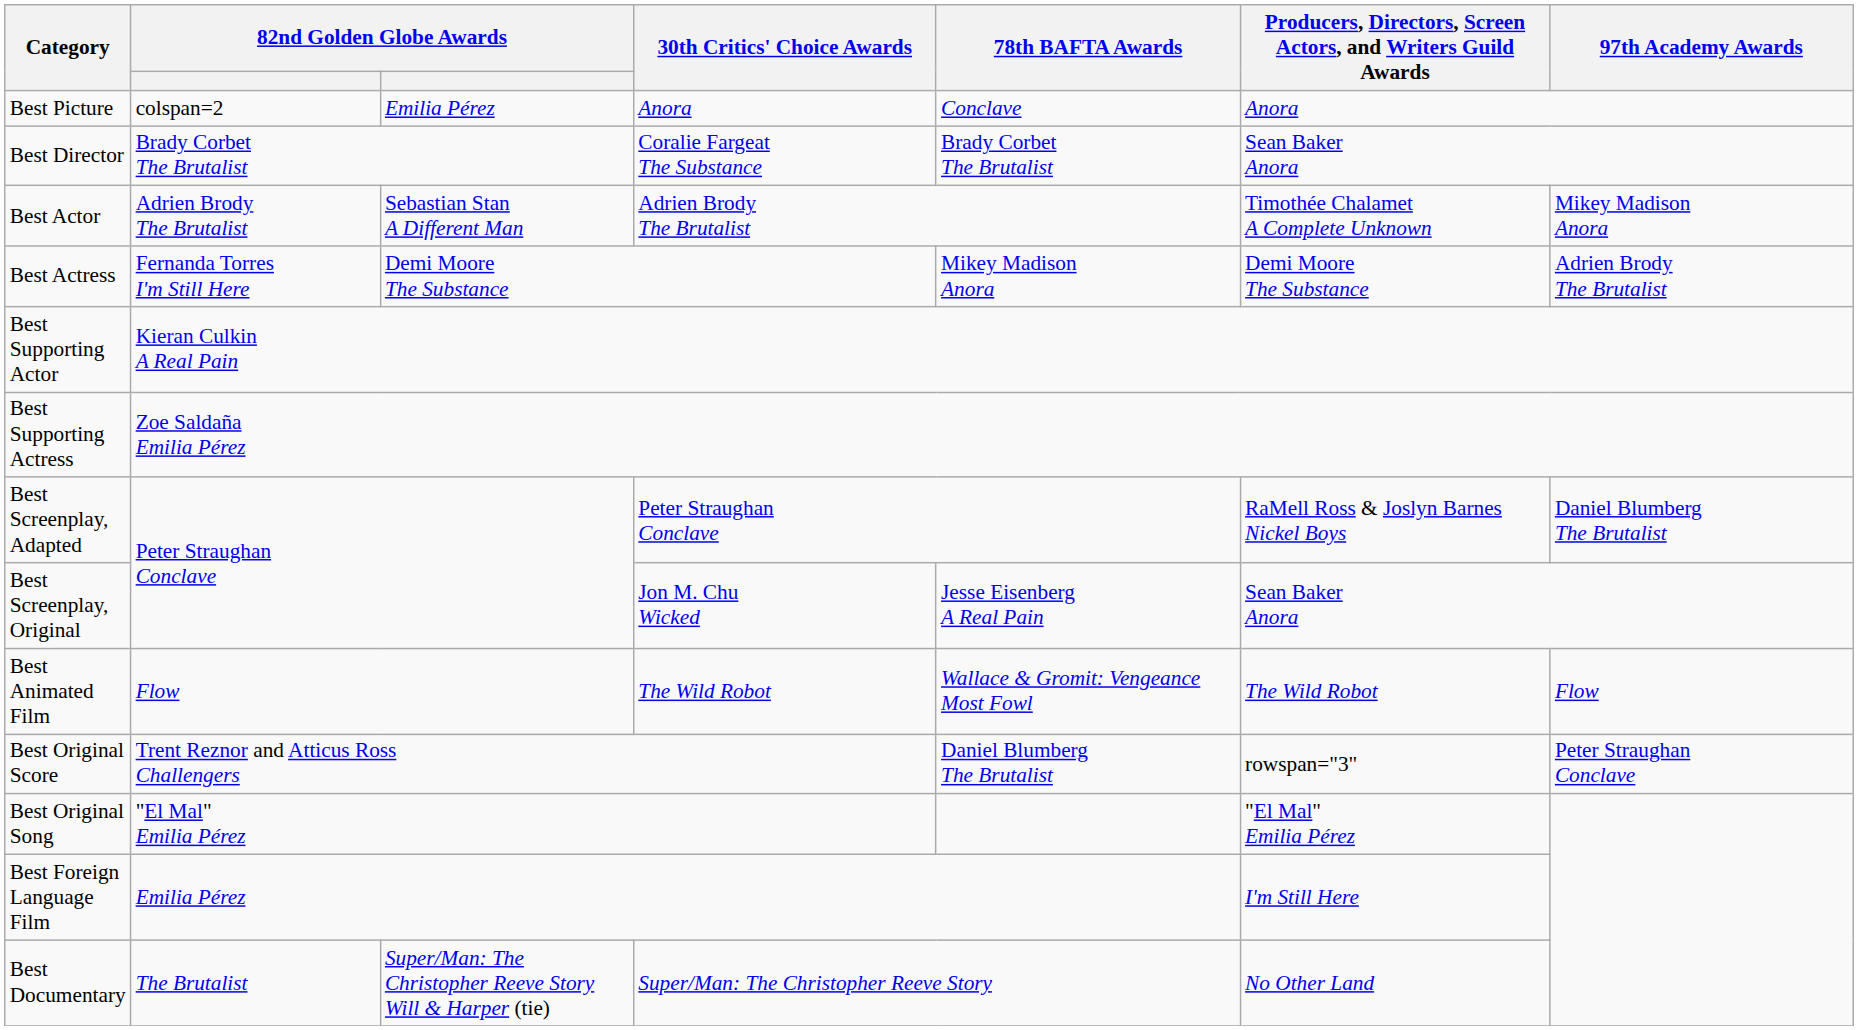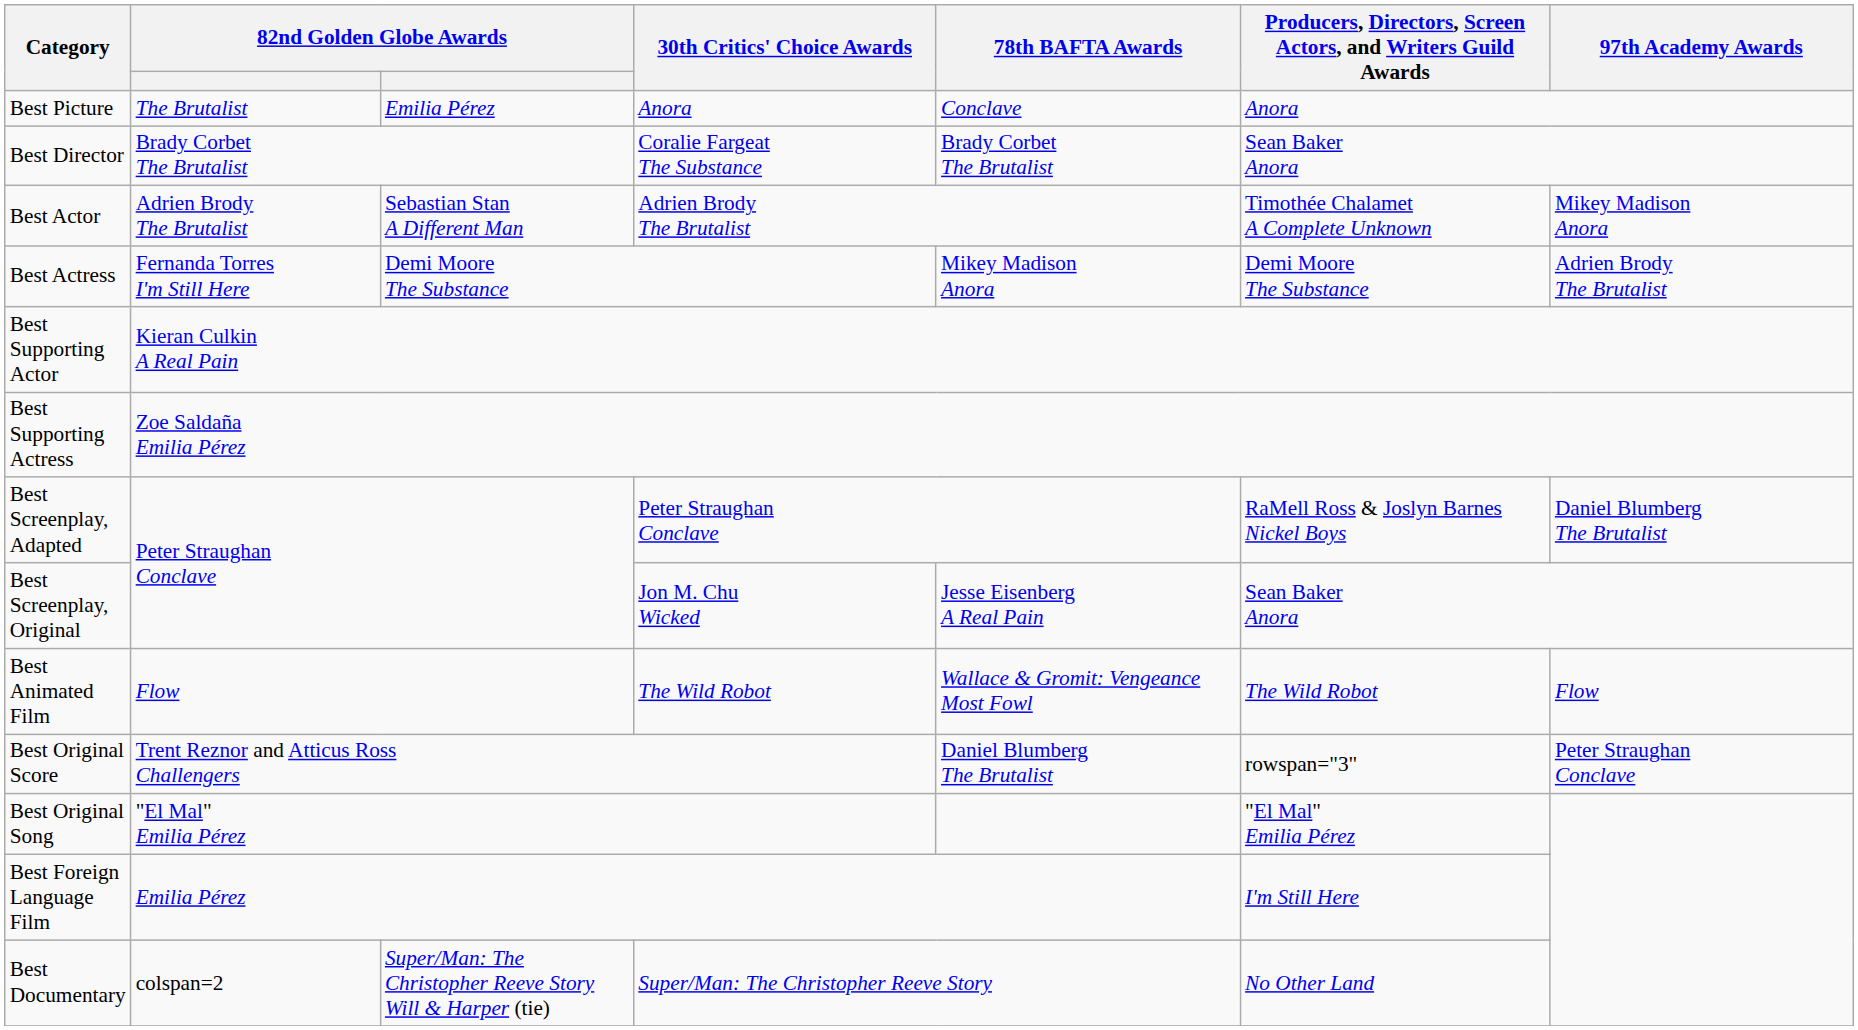 <table class="wikitable" style="font-size: 90%;">
 <tr>
 <th rowspan="2" style="width:20px;">Category</th>
 <th colspan="2" style="width:250px;"><a href='#'>82nd Golden Globe Awards</a><br></th>
 <th rowspan="2" style="width:250px;"><a href='#'>30th Critics' Choice Awards</a><br></th>
 <th rowspan="2" style="width:250px;"><a href='#'>78th BAFTA Awards</a><br></th>
 <th rowspan="2" style="width:250px;"><a href='#'>Producers</a>, <a href='#'>Directors</a>, <a href='#'>Screen Actors</a>, and <a href='#'>Writers Guild</a> Awards<br></th>
 <th rowspan="2" style="width:250px;"><a href='#'>97th Academy Awards</a><br></th>
 </tr>
 <tr>
 <th width=200></th>
 <th style="width:200px;"></th>
 </tr>
 <tr>
 <td>Best Picture</td>
-<td>colspan=2 </td>
+<td><em><a href='#'>The Brutalist</a></em></td>
 <td><em><a href='#'>Emilia Pérez</a></em></td>
 <td><em><a href='#'>Anora</a></em></td>
 <td><em><a href='#'>Conclave</a></em></td>
 <td colspan="2"><em><a href='#'>Anora</a></em></td>
 </tr>
 <tr>
 <td>Best Director</td>
 <td colspan="2"><a href='#'>Brady Corbet</a><br><em><a href='#'>The Brutalist</a></em></td>
 <td><a href='#'>Coralie Fargeat</a><br><em><a href='#'>The Substance</a></em></td>
 <td><a href='#'>Brady Corbet</a><br><em><a href='#'>The Brutalist</a></em></td>
 <td colspan="2"><a href='#'>Sean Baker</a><br><em><a href='#'>Anora</a></em></td>
 </tr>
 <tr>
 <td>Best Actor</td>
 <td><a href='#'>Adrien Brody</a><br><em><a href='#'>The Brutalist</a></em></td>
 <td><a href='#'>Sebastian Stan</a><br><em><a href='#'>A Different Man</a></em></td>
 <td colspan="2"><a href='#'>Adrien Brody</a><br><em><a href='#'>The Brutalist</a></em></td>
 <td><a href='#'>Timothée Chalamet</a><br><em><a href='#'>A Complete Unknown</a></em></td>
 <td><a href='#'>Mikey Madison</a><br><em><a href='#'>Anora</a></em></td>
 </tr>
 <tr>
 <td>Best Actress</td>
 <td><a href='#'>Fernanda Torres</a><br><em><a href='#'>I'm Still Here</a></em></td>
 <td colspan="2"><a href='#'>Demi Moore</a><br><em><a href='#'>The Substance</a></em></td>
 <td><a href='#'>Mikey Madison</a><br><em><a href='#'>Anora</a></em></td>
 <td><a href='#'>Demi Moore</a> <br> <em><a href='#'>The Substance</a></em></td>
 <td><a href='#'>Adrien Brody</a><br><em><a href='#'>The Brutalist</a></em></td>
 </tr>
 <tr>
 <td>Best Supporting Actor</td>
 <td colspan="6"><a href='#'>Kieran Culkin</a><br><em><a href='#'>A Real Pain</a></em></td>
 </tr>
 <tr>
 <td>Best Supporting Actress</td>
 <td colspan="6"><a href='#'>Zoe Saldaña</a><br><em><a href='#'>Emilia Pérez</a></em></td>
 </tr>
 <tr>
 <td>Best Screenplay, Adapted</td>
 <td colspan=2 rowspan=2><a href='#'>Peter Straughan</a><br><em><a href='#'>Conclave</a></em></td>
 <td colspan=2><a href='#'>Peter Straughan</a><br><em><a href='#'>Conclave</a></em></td>
 <td><a href='#'>RaMell Ross</a> & <a href='#'>Joslyn Barnes</a><br><em><a href='#'>Nickel Boys</a></em></td>
 <td><a href='#'>Daniel Blumberg</a><br><em><a href='#'>The Brutalist</a></em></td>
 </tr>
 <tr>
 <td>Best Screenplay, Original</td>
 <td><a href='#'>Jon M. Chu</a><br><em><a href='#'>Wicked</a></em></td>
 <td><a href='#'>Jesse Eisenberg</a><br><em><a href='#'>A Real Pain</a></em></td>
 <td colspan="2"><a href='#'>Sean Baker</a><br><em><a href='#'>Anora</a></em></td>
 </tr>
 <tr>
 <td>Best Animated Film</td>
 <td colspan="2"><em><a href='#'>Flow</a></em></td>
 <td><em><a href='#'>The Wild Robot</a></em></td>
 <td><em><a href='#'>Wallace & Gromit: Vengeance Most Fowl</a></em></td>
 <td><em><a href='#'>The Wild Robot</a></em></td>
 <td><em><a href='#'>Flow</a></em></td>
 </tr>
 <tr>
 <td>Best Original Score</td>
 <td colspan="3"><a href='#'>Trent Reznor</a> and <a href='#'>Atticus Ross</a><br><em><a href='#'>Challengers</a></em></td>
 <td><a href='#'>Daniel Blumberg</a><br><em><a href='#'>The Brutalist</a></em></td>
 <td>rowspan="3" </td>
 <td><a href='#'>Peter Straughan</a><br><em><a href='#'>Conclave</a></em></td>
 </tr>
 <tr>
 <td>Best Original Song</td>
 <td colspan="3">"<a href='#'>El Mal</a>"<br><em><a href='#'>Emilia Pérez</a></em></td>
 <td></td>
 <td>"<a href='#'>El Mal</a>"<br><em><a href='#'>Emilia Pérez</a></em></td>
 </tr>
 <tr>
 <td>Best Foreign Language Film</td>
 <td colspan="4"><em><a href='#'>Emilia Pérez</a></em></td>
 <td><em><a href='#'>I'm Still Here</a></em></td>
 </tr>
 <tr>
 <td>Best Documentary</td>
-<td><em><a href='#'>The Brutalist</a></em></td>
+<td>colspan=2 </td>
 <td><em><a href='#'>Super/Man: The Christopher Reeve Story</a></em><br><em><a href='#'>Will & Harper</a></em> (tie)</td>
 <td colspan="2"><em><a href='#'>Super/Man: The Christopher Reeve Story</a></em></td>
 <td><em><a href='#'>No Other Land</a></em></td>
 </tr>
 </table>
